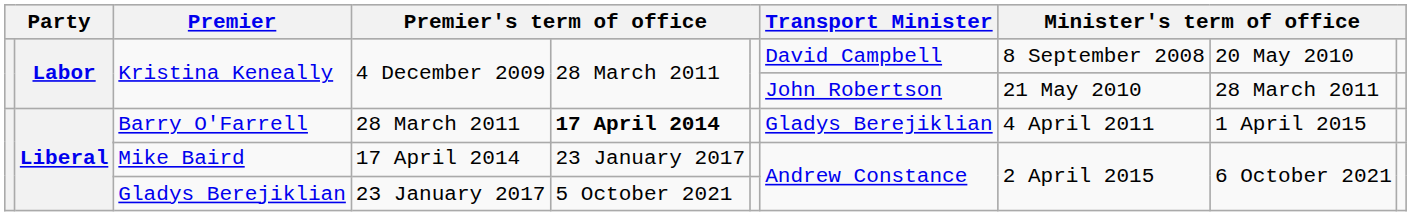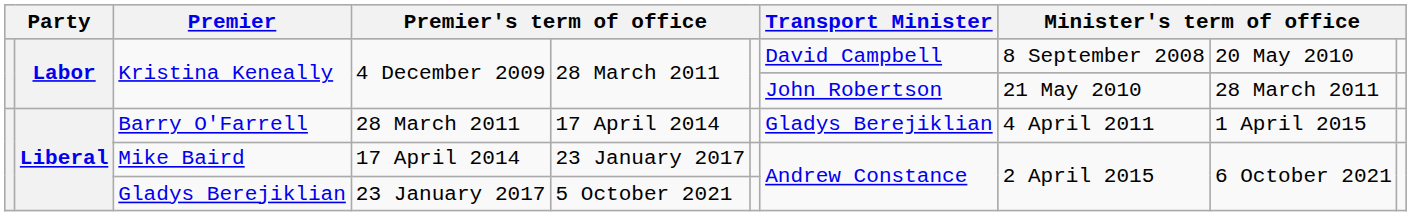 <table class="wikitable">
 <tr>
 <th colspan=2>Party</th>
 <th><a href='#'>Premier</a></th>
 <th colspan=3>Premier's term of office</th>
 <th><a href='#'>Transport Minister</a></th>
 <th colspan=3>Minister's term of office</th>
 </tr>
 <tr>
 <th rowspan=2 style="background:"></th>
 <th rowspan=2><a href='#'>Labor</a></th>
 <td rowspan=2><a href='#'>Kristina Keneally</a></td>
 <td rowspan=2>4 December 2009</td>
 <td rowspan=2>28 March 2011</td>
 <td rowspan=2 align=right></td>
 <td><a href='#'>David Campbell</a></td>
 <td>8 September 2008</td>
 <td>20 May 2010</td>
 <td align=right></td>
 </tr>
 <tr>
 <td><a href='#'>John Robertson</a></td>
 <td>21 May 2010</td>
 <td>28 March 2011</td>
 <td align=right></td>
 </tr>
 <tr>
 <th rowspan="5" style="background:"></th>
 <th rowspan="5"><a href='#'>Liberal</a></th>
 <td><a href='#'>Barry O'Farrell</a></td>
 <td>28 March 2011</td>
-<td><strong>17 April 2014</strong></td>
+<td>17 April 2014</td>
 <td align=right></td>
 <td rowspan=2><a href='#'>Gladys Berejiklian</a></td>
 <td rowspan=2>4 April 2011</td>
 <td rowspan=2>1 April 2015</td>
 <td rowspan=2 align=right></td>
 </tr>
 <tr>
 <td rowspan=2><a href='#'>Mike Baird</a></td>
 <td rowspan=2>17 April 2014</td>
 <td rowspan=2>23 January 2017</td>
 <td rowspan=2 align=right></td>
 </tr>
 <tr>
 <td rowspan=2><a href='#'>Andrew Constance</a></td>
 <td rowspan=2>2 April 2015</td>
 <td rowspan=2>6 October 2021</td>
 <td rowspan=2 align=right></td>
 </tr>
 <tr>
 <td><a href='#'>Gladys Berejiklian</a></td>
 <td>23 January 2017</td>
 <td>5 October 2021</td>
 <td align=right></td>
 </tr>
 </table>
